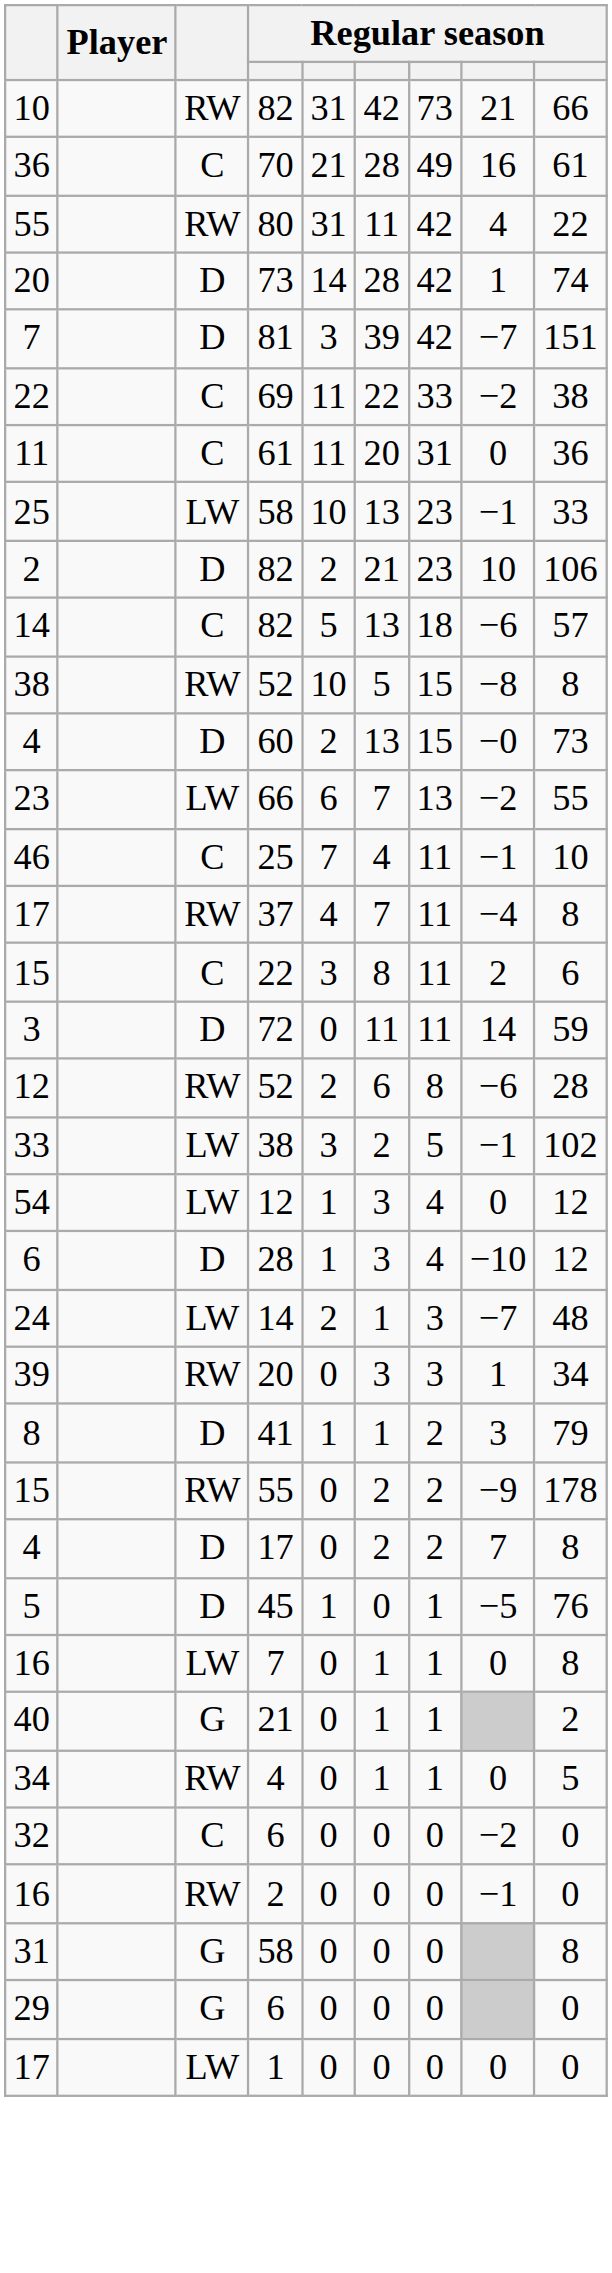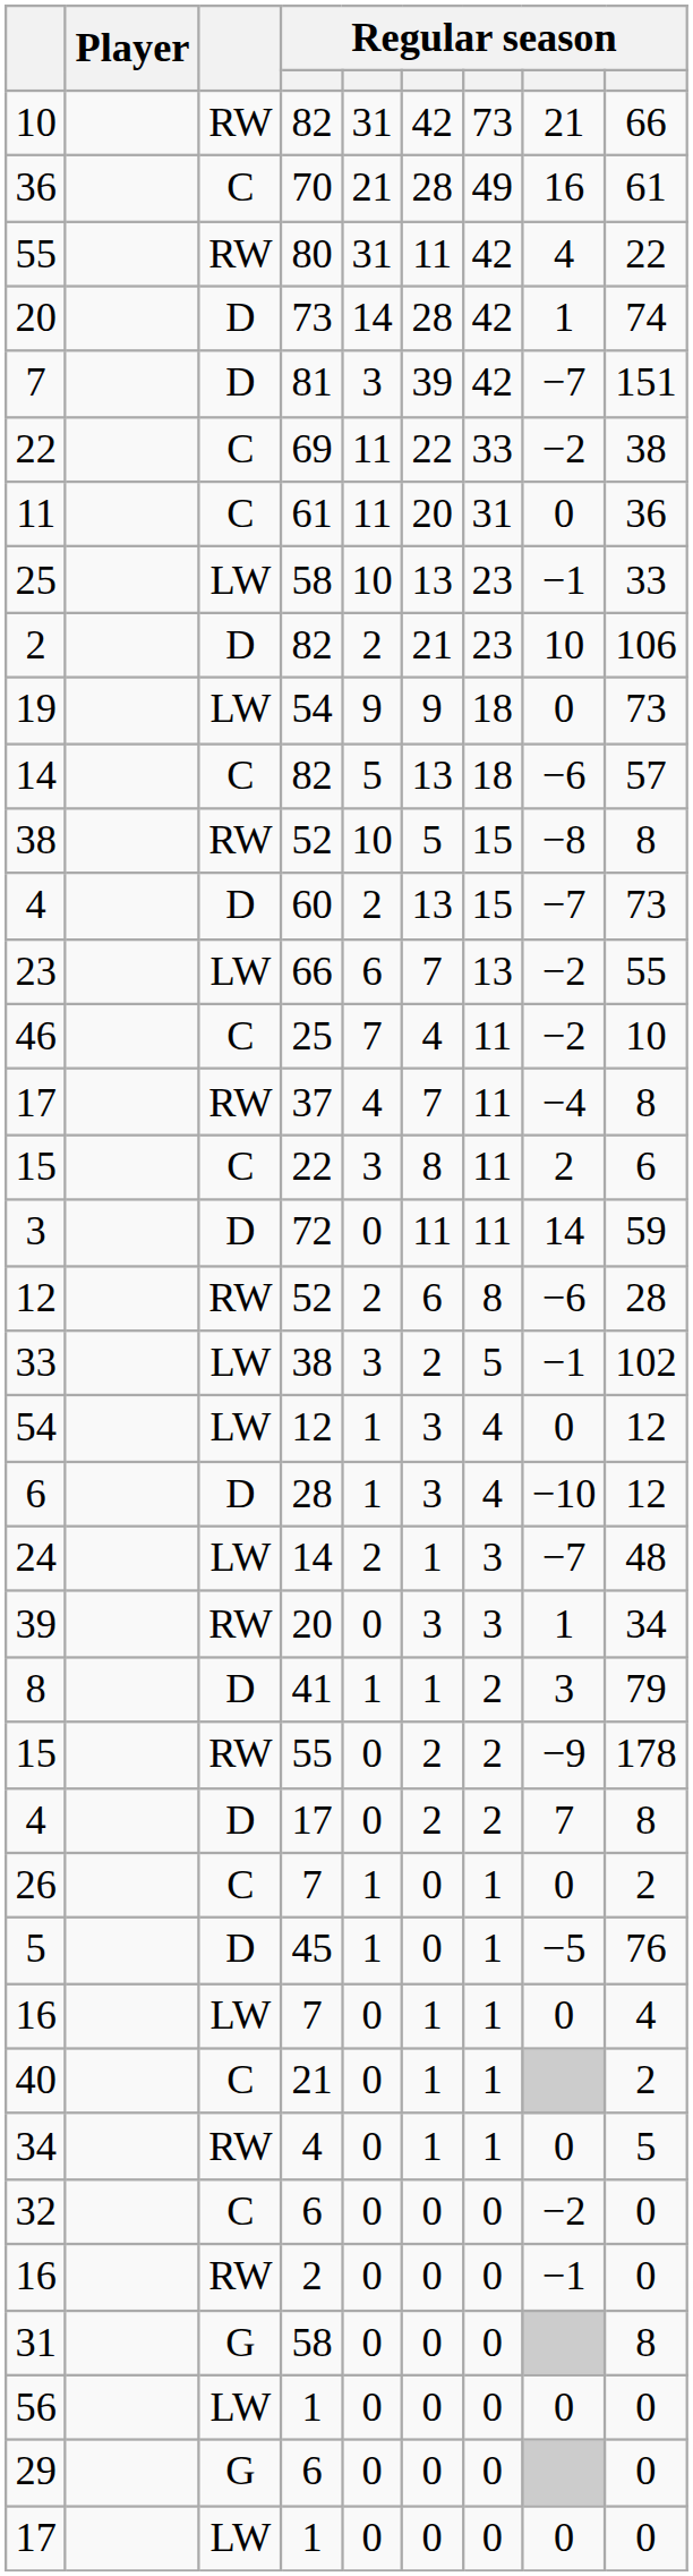 <table class="wikitable sortable plainrowheaders" style="text-align:center;">
 <tr>
 <th scope="col" data-sort-type="number" rowspan="2"></th>
 <th scope="col" rowspan="2">Player</th>
 <th scope="col" rowspan="2"></th>
 <th scope=colgroup colspan=6>Regular season</th>
 </tr>
 <tr>
 <th scope="col" data-sort-type="number"></th>
 <th scope="col" data-sort-type="number"></th>
 <th scope="col" data-sort-type="number"></th>
 <th scope="col" data-sort-type="number"></th>
 <th scope="col" data-sort-type="number"></th>
 <th scope="col" data-sort-type="number"></th>
 </tr>
 <tr>
 <td scope="row">10</td>
 <td align="left"></td>
 <td>RW</td>
 <td>82</td>
 <td>31</td>
 <td>42</td>
 <td>73</td>
 <td>21</td>
 <td>66</td>
 </tr>
 <tr>
 <td scope="row">36</td>
 <td align="left"></td>
 <td>C</td>
 <td>70</td>
 <td>21</td>
 <td>28</td>
 <td>49</td>
 <td>16</td>
 <td>61</td>
 </tr>
 <tr>
 <td scope="row">55</td>
 <td align="left"></td>
 <td>RW</td>
 <td>80</td>
 <td>31</td>
 <td>11</td>
 <td>42</td>
 <td>4</td>
 <td>22</td>
 </tr>
 <tr>
 <td scope="row">20</td>
 <td align="left"></td>
 <td>D</td>
 <td>73</td>
 <td>14</td>
 <td>28</td>
 <td>42</td>
 <td>1</td>
 <td>74</td>
 </tr>
 <tr>
 <td scope="row">7</td>
 <td align="left"></td>
 <td>D</td>
 <td>81</td>
 <td>3</td>
 <td>39</td>
 <td>42</td>
 <td>−7</td>
 <td>151</td>
 </tr>
 <tr>
 <td scope="row">22</td>
 <td align="left"></td>
 <td>C</td>
 <td>69</td>
 <td>11</td>
 <td>22</td>
 <td>33</td>
 <td>−2</td>
 <td>38</td>
 </tr>
 <tr>
 <td scope="row">11</td>
 <td align="left"></td>
 <td>C</td>
 <td>61</td>
 <td>11</td>
 <td>20</td>
 <td>31</td>
 <td>0</td>
 <td>36</td>
 </tr>
 <tr>
 <td scope="row">25</td>
 <td align="left"></td>
 <td>LW</td>
 <td>58</td>
 <td>10</td>
 <td>13</td>
 <td>23</td>
 <td>−1</td>
 <td>33</td>
 </tr>
 <tr>
 <td scope="row">2</td>
 <td align="left"></td>
 <td>D</td>
 <td>82</td>
 <td>2</td>
 <td>21</td>
 <td>23</td>
 <td>10</td>
 <td>106</td>
 </tr>
 <tr>
+<td scope="row">19</td>
+<td align="left"></td>
+<td>LW</td>
+<td>54</td>
+<td>9</td>
+<td>9</td>
+<td>18</td>
+<td>0</td>
+<td>73</td>
+</tr>
+<tr>
 <td scope="row">14</td>
 <td align="left"></td>
 <td>C</td>
 <td>82</td>
 <td>5</td>
 <td>13</td>
 <td>18</td>
 <td>−6</td>
 <td>57</td>
 </tr>
 <tr>
 <td scope="row">38</td>
 <td align="left"></td>
 <td>RW</td>
 <td>52</td>
 <td>10</td>
 <td>5</td>
 <td>15</td>
 <td>−8</td>
 <td>8</td>
 </tr>
 <tr>
 <td scope="row">4</td>
 <td align="left"></td>
 <td>D</td>
 <td>60</td>
 <td>2</td>
 <td>13</td>
 <td>15</td>
-<td>−0</td>
+<td>−7</td>
 <td>73</td>
 </tr>
 <tr>
 <td scope="row">23</td>
 <td align="left"></td>
 <td>LW</td>
 <td>66</td>
 <td>6</td>
 <td>7</td>
 <td>13</td>
 <td>−2</td>
 <td>55</td>
 </tr>
 <tr>
 <td scope="row">46</td>
 <td align="left"></td>
 <td>C</td>
 <td>25</td>
 <td>7</td>
 <td>4</td>
 <td>11</td>
-<td>−1</td>
+<td>−2</td>
 <td>10</td>
 </tr>
 <tr>
 <td scope="row">17</td>
 <td align="left"></td>
 <td>RW</td>
 <td>37</td>
 <td>4</td>
 <td>7</td>
 <td>11</td>
 <td>−4</td>
 <td>8</td>
 </tr>
 <tr>
 <td scope="row">15</td>
 <td align="left"></td>
 <td>C</td>
 <td>22</td>
 <td>3</td>
 <td>8</td>
 <td>11</td>
 <td>2</td>
 <td>6</td>
 </tr>
 <tr>
 <td scope="row">3</td>
 <td align="left"></td>
 <td>D</td>
 <td>72</td>
 <td>0</td>
 <td>11</td>
 <td>11</td>
 <td>14</td>
 <td>59</td>
 </tr>
 <tr>
 <td scope="row">12</td>
 <td align="left"></td>
 <td>RW</td>
 <td>52</td>
 <td>2</td>
 <td>6</td>
 <td>8</td>
 <td>−6</td>
 <td>28</td>
 </tr>
 <tr>
 <td scope="row">33</td>
 <td align="left"></td>
 <td>LW</td>
 <td>38</td>
 <td>3</td>
 <td>2</td>
 <td>5</td>
 <td>−1</td>
 <td>102</td>
 </tr>
 <tr>
 <td scope="row">54</td>
 <td align="left"></td>
 <td>LW</td>
 <td>12</td>
 <td>1</td>
 <td>3</td>
 <td>4</td>
 <td>0</td>
 <td>12</td>
 </tr>
 <tr>
 <td scope="row">6</td>
 <td align="left"></td>
 <td>D</td>
 <td>28</td>
 <td>1</td>
 <td>3</td>
 <td>4</td>
 <td>−10</td>
 <td>12</td>
 </tr>
 <tr>
 <td scope="row">24</td>
 <td align="left"></td>
 <td>LW</td>
 <td>14</td>
 <td>2</td>
 <td>1</td>
 <td>3</td>
 <td>−7</td>
 <td>48</td>
 </tr>
 <tr>
 <td scope="row">39</td>
 <td align="left"></td>
 <td>RW</td>
 <td>20</td>
 <td>0</td>
 <td>3</td>
 <td>3</td>
 <td>1</td>
 <td>34</td>
 </tr>
 <tr>
 <td scope="row">8</td>
 <td align="left"></td>
 <td>D</td>
 <td>41</td>
 <td>1</td>
 <td>1</td>
 <td>2</td>
 <td>3</td>
 <td>79</td>
 </tr>
 <tr>
 <td scope="row">15</td>
 <td align="left"></td>
 <td>RW</td>
 <td>55</td>
 <td>0</td>
 <td>2</td>
 <td>2</td>
 <td>−9</td>
 <td>178</td>
 </tr>
 <tr>
 <td scope="row">4</td>
 <td align="left"></td>
 <td>D</td>
 <td>17</td>
 <td>0</td>
 <td>2</td>
 <td>2</td>
 <td>7</td>
 <td>8</td>
 </tr>
 <tr>
+<td scope="row">26</td>
+<td align="left"></td>
+<td>C</td>
+<td>7</td>
+<td>1</td>
+<td>0</td>
+<td>1</td>
+<td>0</td>
+<td>2</td>
+</tr>
+<tr>
 <td scope="row">5</td>
 <td align="left"></td>
 <td>D</td>
 <td>45</td>
 <td>1</td>
 <td>0</td>
 <td>1</td>
 <td>−5</td>
 <td>76</td>
 </tr>
 <tr>
 <td scope="row">16</td>
 <td align="left"></td>
 <td>LW</td>
 <td>7</td>
 <td>0</td>
 <td>1</td>
 <td>1</td>
 <td>0</td>
-<td>8</td>
+<td>4</td>
 </tr>
 <tr>
 <td scope="row">40</td>
 <td align="left"></td>
-<td>G</td>
+<td>C</td>
 <td>21</td>
 <td>0</td>
 <td>1</td>
 <td>1</td>
 <td style="background:#ccc"></td>
 <td>2</td>
 </tr>
 <tr>
 <td scope="row">34</td>
 <td align="left"></td>
 <td>RW</td>
 <td>4</td>
 <td>0</td>
 <td>1</td>
 <td>1</td>
 <td>0</td>
 <td>5</td>
 </tr>
 <tr>
 <td scope="row">32</td>
 <td align="left"></td>
 <td>C</td>
 <td>6</td>
 <td>0</td>
 <td>0</td>
 <td>0</td>
 <td>−2</td>
 <td>0</td>
 </tr>
 <tr>
 <td scope="row">16</td>
 <td align="left"></td>
 <td>RW</td>
 <td>2</td>
 <td>0</td>
 <td>0</td>
 <td>0</td>
 <td>−1</td>
 <td>0</td>
 </tr>
 <tr>
 <td scope="row">31</td>
 <td align="left"></td>
 <td>G</td>
 <td>58</td>
 <td>0</td>
 <td>0</td>
 <td>0</td>
 <td style="background:#ccc"></td>
 <td>8</td>
 </tr>
 <tr>
+<td scope="row">56</td>
+<td align="left"></td>
+<td>LW</td>
+<td>1</td>
+<td>0</td>
+<td>0</td>
+<td>0</td>
+<td>0</td>
+<td>0</td>
+</tr>
+<tr>
 <td scope="row">29</td>
 <td align="left"></td>
 <td>G</td>
 <td>6</td>
 <td>0</td>
 <td>0</td>
 <td>0</td>
 <td style="background:#ccc"></td>
 <td>0</td>
 </tr>
 <tr>
 <td scope="row">17</td>
 <td align="left"></td>
 <td>LW</td>
 <td>1</td>
 <td>0</td>
 <td>0</td>
 <td>0</td>
 <td>0</td>
 <td>0</td>
 </tr>
 </table>
